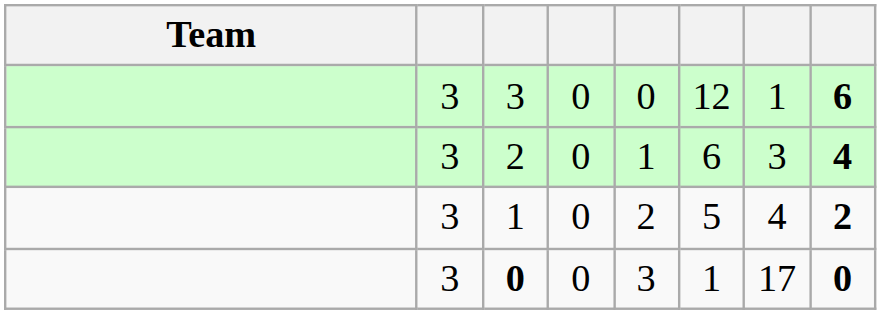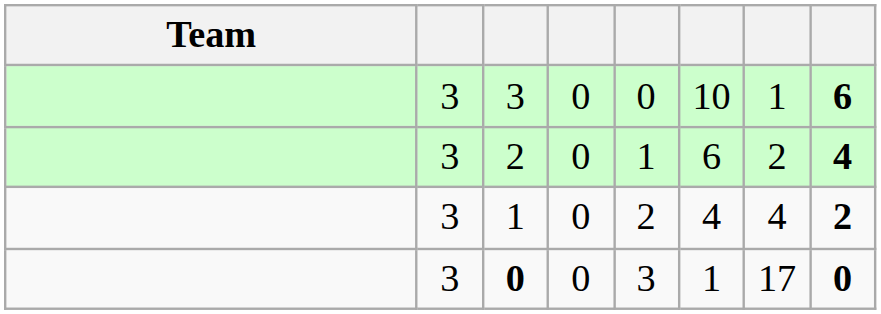 <table class="wikitable" style="text-align:center;">
 <tr>
 <th width=165>Team</th>
 <th width=20></th>
 <th width=20></th>
 <th width=20></th>
 <th width=20></th>
 <th width=20></th>
 <th width=20></th>
 <th width=20></th>
 </tr>
 <tr style="background:#cfc;">
 <td align="left"></td>
 <td>3</td>
 <td>3</td>
 <td>0</td>
 <td>0</td>
-<td>12</td>
+<td>10</td>
 <td>1</td>
 <td><strong>6</strong></td>
 </tr>
 <tr style="background:#cfc;">
 <td align="left"></td>
 <td>3</td>
 <td>2</td>
 <td>0</td>
 <td>1</td>
 <td>6</td>
-<td>3</td>
+<td>2</td>
 <td><strong>4</strong></td>
 </tr>
 <tr>
 <td align="left"></td>
 <td>3</td>
 <td>1</td>
 <td>0</td>
 <td>2</td>
-<td>5</td>
+<td>4</td>
 <td>4</td>
 <td><strong>2</strong></td>
 </tr>
 <tr>
 <td align="left"></td>
 <td>3</td>
 <td><strong>0</strong></td>
 <td>0</td>
 <td>3</td>
 <td>1</td>
 <td>17</td>
 <td><strong>0</strong></td>
 </tr>
 </table>
